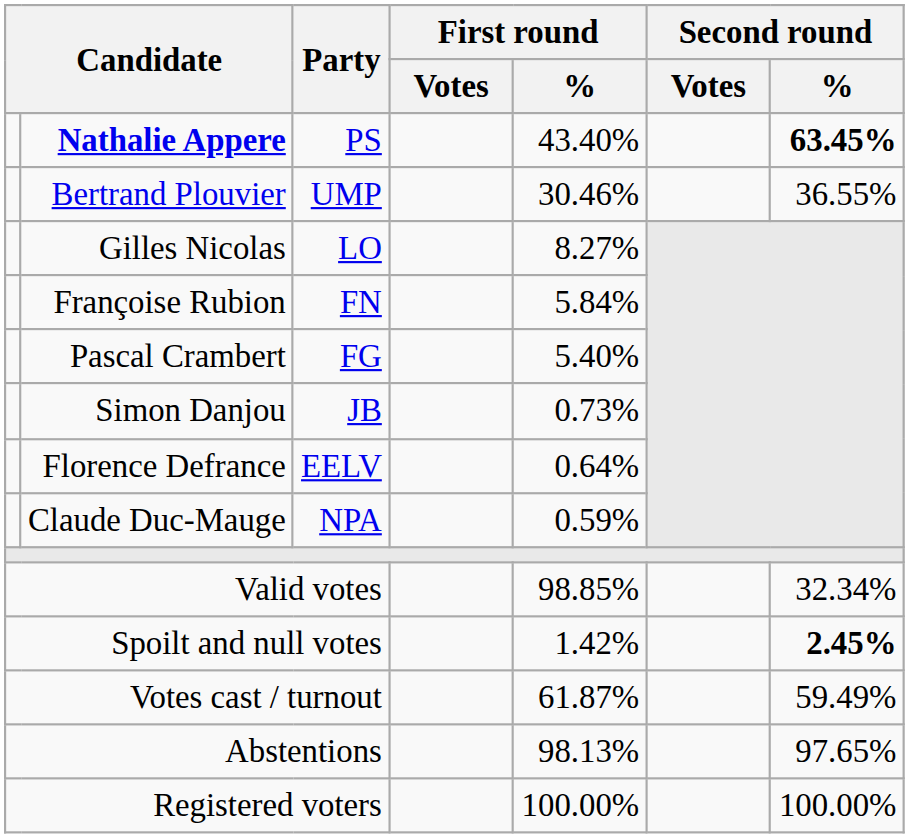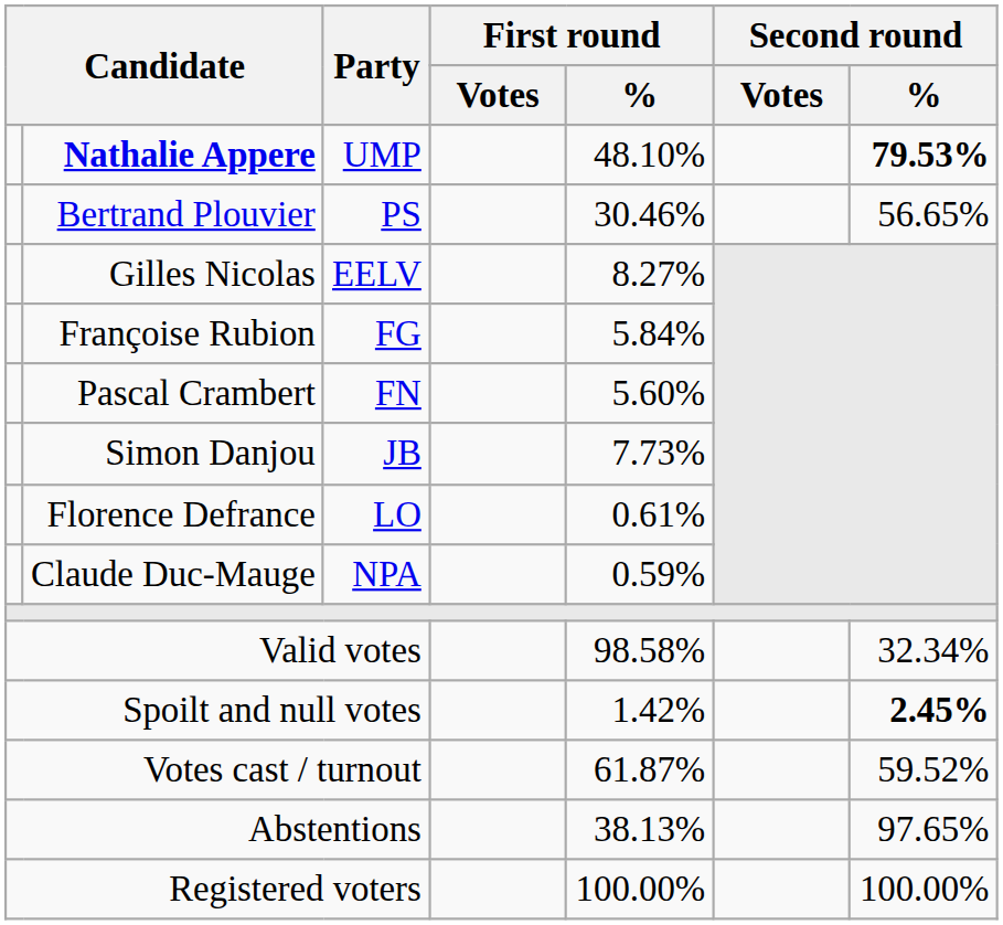 <table class="wikitable" style="text-align:right;font-size:95%;">
 <tr>
 <th rowspan=2 colspan=2>Candidate</th>
 <th rowspan=2 colspan=1>Party</th>
 <th colspan=2>First round</th>
 <th colspan=2>Second round</th>
 </tr>
 <tr>
 <th style="width:50px;">Votes</th>
 <th style="width:55px;">%</th>
 <th style="width:50px;">Votes</th>
 <th style="width:55px;">%</th>
 </tr>
 <tr>
 <td style="color:inherit;background-color:"></td>
 <td><strong><a href='#'>Nathalie Appere</a></strong></td>
-<td><a href='#'>PS</a></td>
+<td><a href='#'>UMP</a></td>
 <td></td>
-<td>43.40%</td>
+<td>48.10%</td>
 <td><strong></strong></td>
-<td><strong>63.45%</strong></td>
+<td><strong>79.53%</strong></td>
 </tr>
 <tr>
 <td style="color:inherit;background-color:"></td>
 <td><a href='#'>Bertrand Plouvier</a></td>
-<td><a href='#'>UMP</a></td>
+<td><a href='#'>PS</a></td>
 <td></td>
 <td>30.46%</td>
 <td></td>
-<td>36.55%</td>
+<td>56.65%</td>
 </tr>
 <tr>
 <td style="color:inherit;background-color:"></td>
 <td>Gilles Nicolas</td>
-<td><a href='#'>LO</a></td>
+<td><a href='#'>EELV</a></td>
 <td></td>
 <td>8.27%</td>
 <td colspan=7 rowspan=6 style="background-color:#E9E9E9;"></td>
 </tr>
 <tr>
 <td style="color:inherit;background-color:"></td>
 <td>Françoise Rubion</td>
-<td><a href='#'>FN</a></td>
+<td><a href='#'>FG</a></td>
 <td></td>
 <td>5.84%</td>
 </tr>
 <tr>
 <td style="color:inherit;background-color:"></td>
 <td>Pascal Crambert</td>
-<td><a href='#'>FG</a></td>
+<td><a href='#'>FN</a></td>
 <td></td>
-<td>5.40%</td>
+<td>5.60%</td>
 </tr>
 <tr>
 <td style="color:inherit;background-color:"></td>
 <td>Simon Danjou</td>
 <td><a href='#'>JB</a> </td>
 <td></td>
-<td>0.73%</td>
+<td>7.73%</td>
 </tr>
 <tr>
 <td style="color:inherit;background-color:"></td>
 <td>Florence Defrance</td>
-<td><a href='#'>EELV</a></td>
+<td><a href='#'>LO</a></td>
 <td></td>
-<td>0.64%</td>
+<td>0.61%</td>
 </tr>
 <tr>
 <td style="color:inherit;background-color:"></td>
 <td>Claude Duc-Mauge</td>
 <td><a href='#'>NPA</a></td>
 <td></td>
 <td>0.59%</td>
 </tr>
 <tr>
 <td colspan=7 style="background-color:#E9E9E9;"></td>
 </tr>
 <tr>
 <td colspan=3>Valid votes</td>
 <td></td>
-<td>98.85%</td>
+<td>98.58%</td>
 <td></td>
 <td>32.34%</td>
 </tr>
 <tr>
 <td colspan=3>Spoilt and null votes</td>
 <td></td>
 <td>1.42%</td>
 <td></td>
 <td><strong>2.45%</strong></td>
 </tr>
 <tr>
 <td colspan=3>Votes cast / turnout</td>
 <td></td>
 <td>61.87%</td>
 <td></td>
-<td>59.49%</td>
+<td>59.52%</td>
 </tr>
 <tr>
 <td colspan=3>Abstentions</td>
 <td></td>
-<td>98.13%</td>
+<td>38.13%</td>
 <td></td>
 <td>97.65%</td>
 </tr>
 <tr>
 <td colspan=3>Registered voters</td>
 <td></td>
 <td>100.00%</td>
 <td></td>
 <td>100.00%</td>
 </tr>
 </table>
